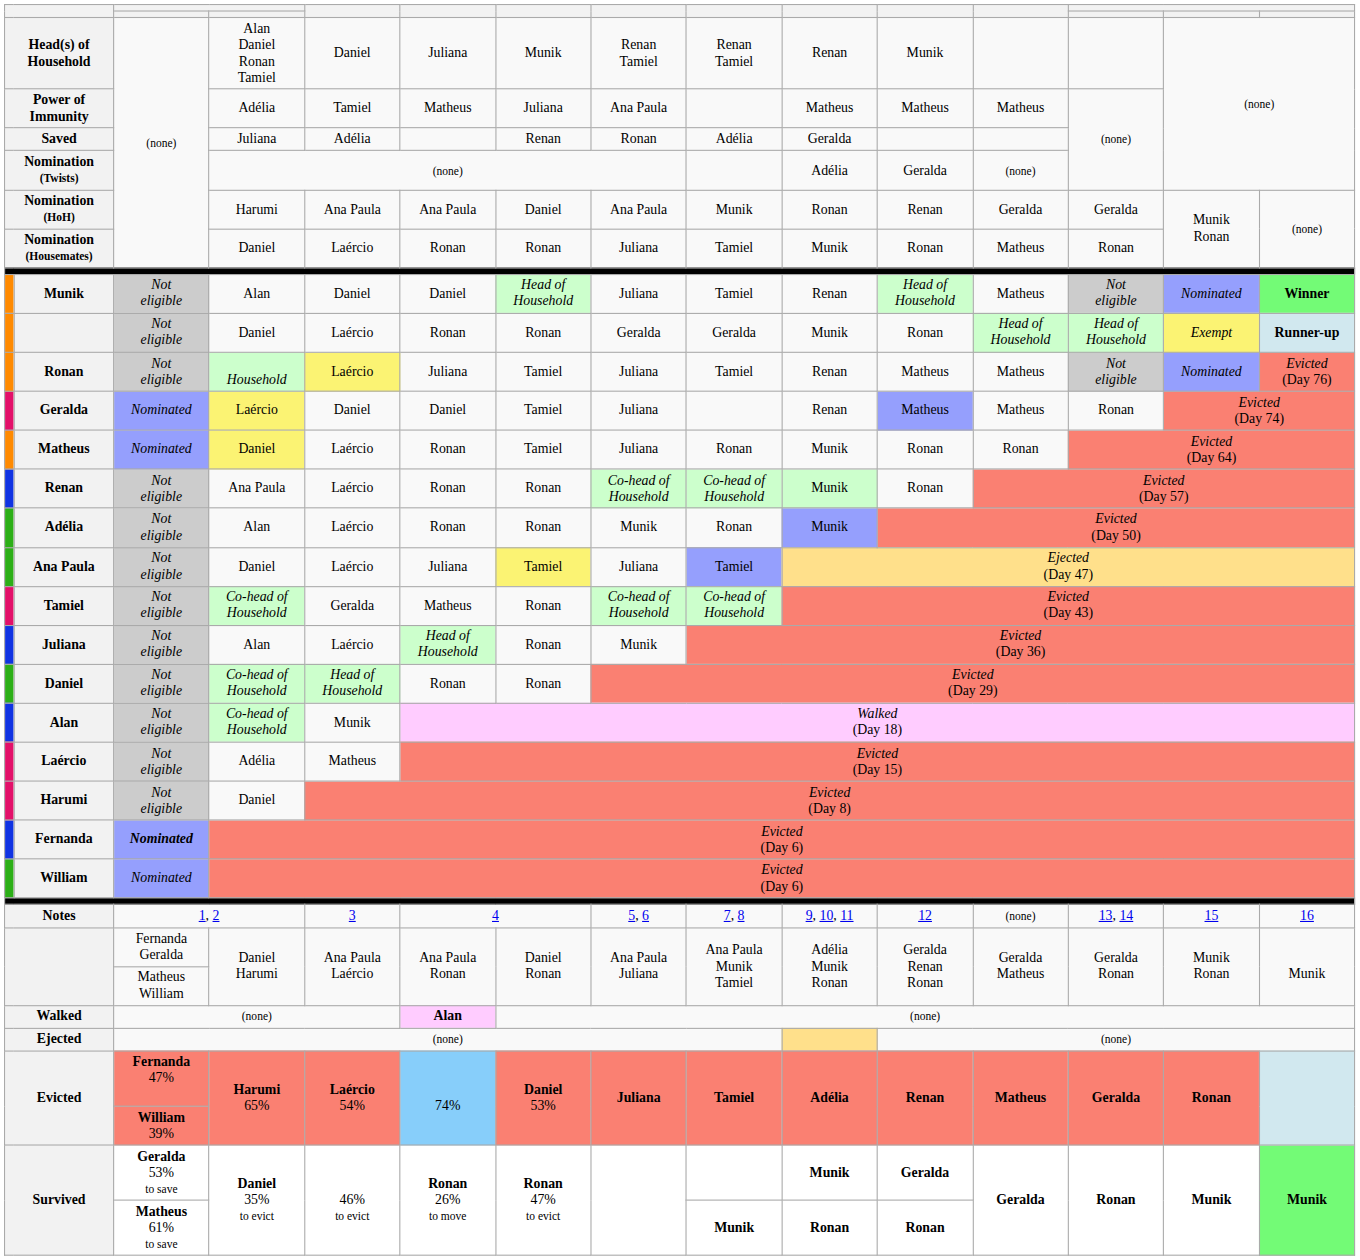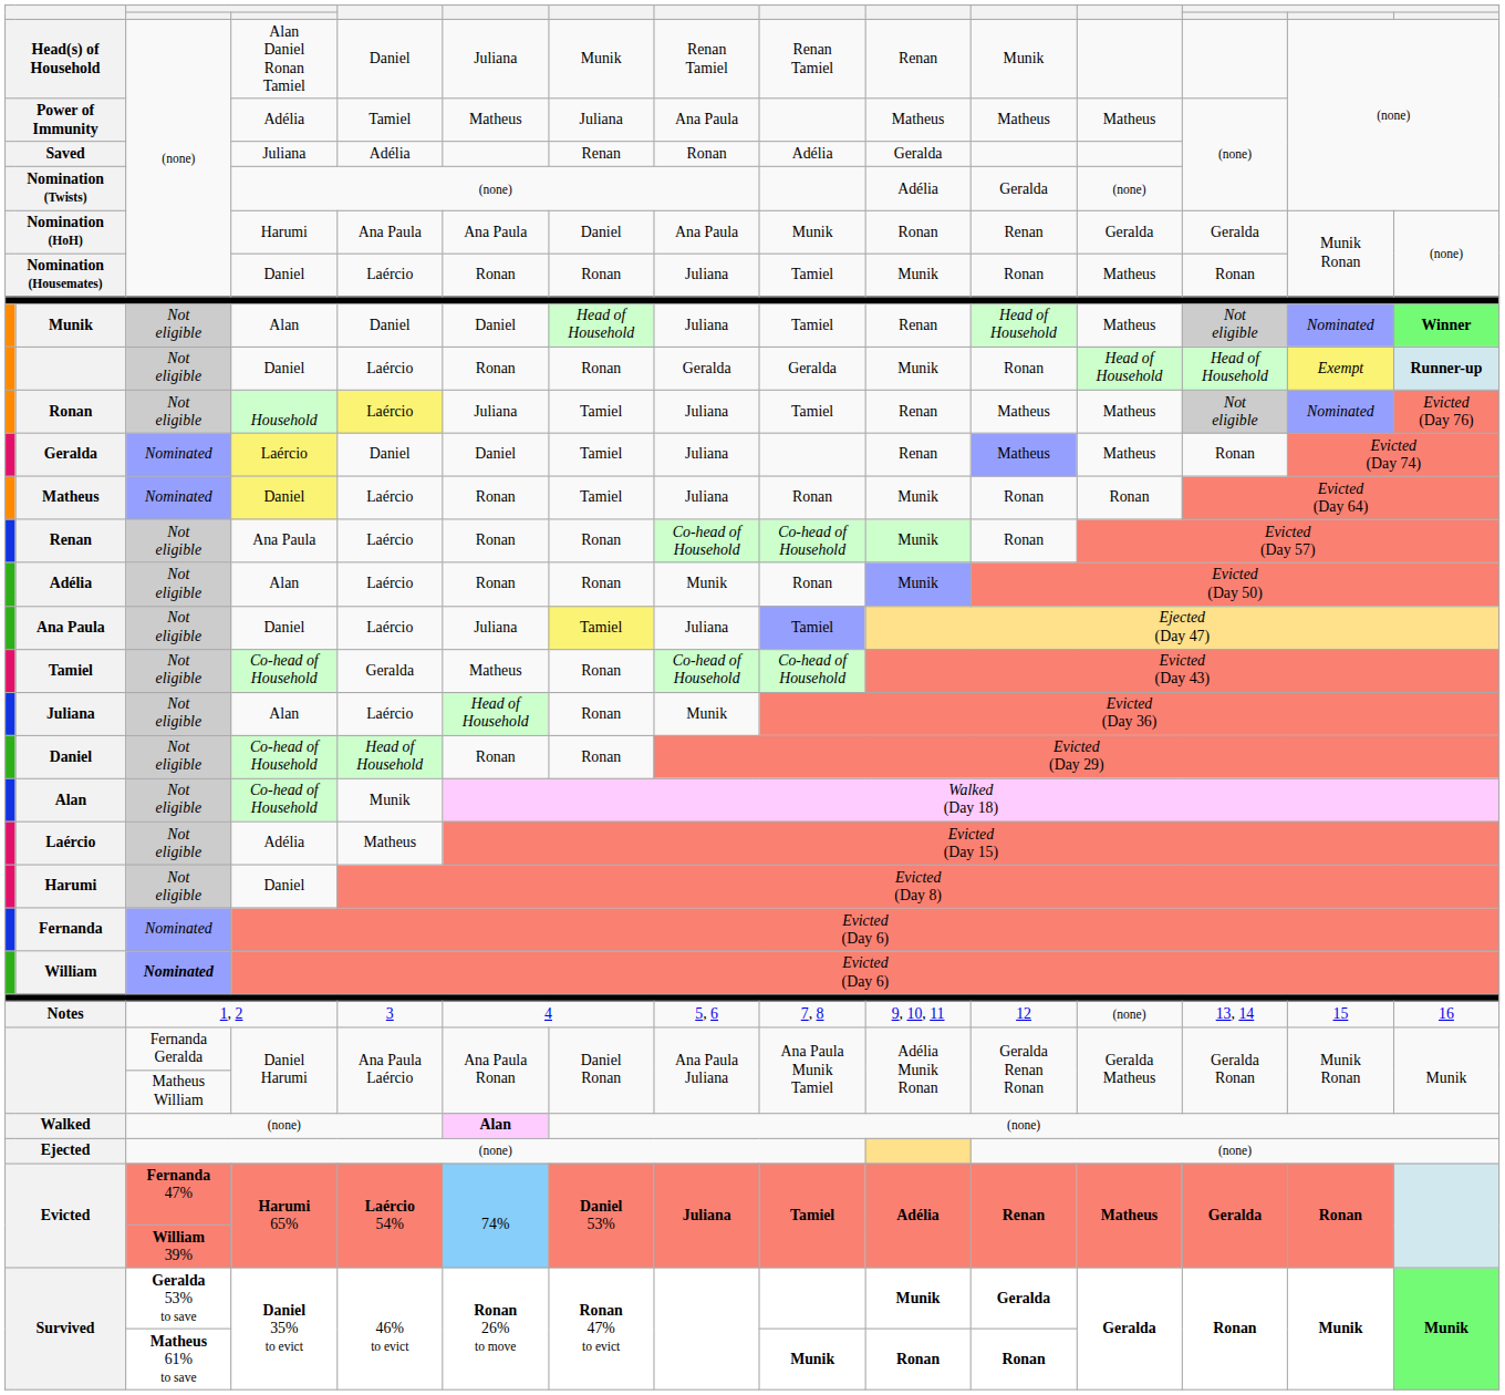 <table class="wikitable" style="text-align:center; font-size:80%">
 <tr>
 <th rowspan="2" colspan="2" width="08%"></th>
 <th colspan=2 width="14%"></th>
 <th rowspan=2 width="07%"></th>
 <th rowspan=2 width="07%"></th>
 <th rowspan=2 width="07%"></th>
 <th rowspan=2 width="07%"></th>
 <th rowspan=2 width="07%"></th>
 <th rowspan=2 width="07%"></th>
 <th rowspan=2 width="07%"></th>
 <th rowspan=2 width="07%"></th>
 <th colspan=3 width="21%"></th>
 </tr>
 <tr>
 <th width="07%"></th>
 <th width="07%"></th>
 <th width="07%"></th>
 <th width="07%"></th>
 <th width="07%"></th>
 </tr>
 <tr>
 <th colspan=2>Head(s) of Household</th>
 <td rowspan=6><small>(none)</small></td>
 <td>Alan<br>Daniel<br>Ronan<br> Tamiel</td>
 <td>Daniel</td>
 <td>Juliana</td>
 <td>Munik</td>
 <td>Renan<br>Tamiel</td>
 <td>Renan<br>Tamiel</td>
 <td>Renan</td>
 <td>Munik</td>
 <td></td>
 <td></td>
 <td rowspan=4 colspan=2><small>(none)</small></td>
 </tr>
 <tr>
 <th colspan=2>Power of Immunity</th>
 <td>Adélia</td>
 <td>Tamiel</td>
 <td>Matheus</td>
 <td>Juliana</td>
 <td>Ana Paula</td>
 <td></td>
 <td>Matheus</td>
 <td>Matheus</td>
 <td>Matheus</td>
 <td rowspan=3><small>(none)</small></td>
 </tr>
 <tr>
 <th colspan=2>Saved</th>
 <td>Juliana</td>
 <td>Adélia</td>
 <td></td>
 <td>Renan</td>
 <td>Ronan</td>
 <td>Adélia</td>
 <td>Geralda</td>
 <td></td>
 <td></td>
 </tr>
 <tr>
 <th colspan=2>Nomination<br><small>(Twists)</small></th>
 <td colspan=5><small>(none)</small></td>
 <td></td>
 <td>Adélia</td>
 <td>Geralda</td>
 <td><small>(none)</small></td>
 </tr>
 <tr>
 <th colspan=2>Nomination<br><small>(HoH)</small></th>
 <td>Harumi</td>
 <td>Ana Paula</td>
 <td>Ana Paula</td>
 <td>Daniel</td>
 <td>Ana Paula</td>
 <td>Munik</td>
 <td>Ronan</td>
 <td>Renan</td>
 <td>Geralda</td>
 <td>Geralda</td>
 <td rowspan=2>Munik<br>Ronan</td>
 <td rowspan=2><small>(none)</small></td>
 </tr>
 <tr>
 <th colspan=2>Nomination<br><small>(Housemates)</small></th>
 <td>Daniel</td>
 <td>Laércio</td>
 <td>Ronan</td>
 <td>Ronan</td>
 <td>Juliana</td>
 <td>Tamiel</td>
 <td>Munik</td>
 <td>Ronan</td>
 <td>Matheus</td>
 <td>Ronan</td>
 </tr>
 <tr>
 <td colspan="21" bgcolor="000000"></td>
 </tr>
 <tr>
 <td bgcolor="#ff8a00"></td>
 <th>Munik</th>
 <td bgcolor="CCCCCC"><em>Not<br>eligible</em></td>
 <td>Alan</td>
 <td>Daniel</td>
 <td>Daniel</td>
 <td style="background: #CCFFCC;"><em>Head of<br>Household</em></td>
 <td>Juliana</td>
 <td>Tamiel</td>
 <td>Renan</td>
 <td style="background: #CCFFCC;"><em>Head of<br>Household</em></td>
 <td>Matheus</td>
 <td bgcolor="CCCCCC"><em>Not<br>eligible</em></td>
 <td bgcolor="959FFD"><em>Nominated</em></td>
 <td bgcolor="73FB76"><strong>Winner</strong><br></td>
 </tr>
 <tr>
 <td bgcolor="#ff8a00"></td>
 <th></th>
 <td bgcolor="CCCCCC"><em>Not<br>eligible</em></td>
 <td>Daniel</td>
 <td>Laércio</td>
 <td>Ronan</td>
 <td>Ronan</td>
 <td>Geralda</td>
 <td>Geralda</td>
 <td>Munik</td>
 <td>Ronan</td>
 <td style="background: #CCFFCC;"><em>Head of<br>Household</em></td>
 <td style="background: #CCFFCC;"><em>Head of<br>Household</em></td>
 <td bgcolor="FBF373"><em>Exempt</em></td>
 <td bgcolor="D1E8EF"><strong>Runner-up</strong><br></td>
 </tr>
 <tr>
 <td bgcolor="#ff8a00"></td>
 <th>Ronan</th>
 <td bgcolor="CCCCCC"><em>Not<br>eligible</em></td>
 <td style="background: #CCFFCC;"><em><br>Household</em></td>
 <td bgcolor="FBF373">Laércio</td>
 <td>Juliana</td>
 <td>Tamiel</td>
 <td>Juliana</td>
 <td>Tamiel</td>
 <td>Renan</td>
 <td>Matheus</td>
 <td>Matheus</td>
 <td bgcolor="CCCCCC"><em>Not<br>eligible</em></td>
 <td bgcolor="959FFD"><em>Nominated</em></td>
 <td style="background: #FA8072;" colspan=1><em>Evicted</em><br>(Day 76)</td>
 </tr>
 <tr>
 <td bgcolor="#e31069"></td>
 <th>Geralda</th>
 <td bgcolor="959FFD"><em>Nominated</em></td>
 <td bgcolor="FBF373">Laércio</td>
 <td>Daniel</td>
 <td>Daniel</td>
 <td>Tamiel</td>
 <td>Juliana</td>
 <td></td>
 <td>Renan</td>
 <td bgcolor="959FFD">Matheus</td>
 <td>Matheus</td>
 <td>Ronan</td>
 <td style="background: #FA8072;" colspan=2><em>Evicted</em><br>(Day 74)</td>
 </tr>
 <tr>
 <td bgcolor="#ff8a00"></td>
 <th>Matheus</th>
 <td bgcolor="959FFD"><em>Nominated</em></td>
 <td bgcolor="FBF373">Daniel</td>
 <td>Laércio</td>
 <td>Ronan</td>
 <td>Tamiel</td>
 <td>Juliana</td>
 <td>Ronan</td>
 <td>Munik</td>
 <td>Ronan</td>
 <td>Ronan</td>
 <td style="background: #FA8072;" colspan=3><em>Evicted</em><br>(Day 64)</td>
 </tr>
 <tr>
 <td bgcolor="#1033e3"></td>
 <th>Renan</th>
 <td bgcolor="CCCCCC"><em>Not<br>eligible</em></td>
 <td>Ana Paula</td>
 <td>Laércio</td>
 <td>Ronan</td>
 <td>Ronan</td>
 <td style="background: #CCFFCC;"><em>Co-head of<br>Household</em></td>
 <td style="background: #CCFFCC;"><em>Co-head of<br>Household</em></td>
 <td style="background: #CCFFCC;">Munik</td>
 <td>Ronan</td>
 <td style="background: #FA8072;" colspan=4><em>Evicted</em><br>(Day 57)</td>
 </tr>
 <tr>
 <td bgcolor="#2caf17"></td>
 <th>Adélia</th>
 <td bgcolor="CCCCCC"><em>Not<br>eligible</em></td>
 <td>Alan</td>
 <td>Laércio</td>
 <td>Ronan</td>
 <td>Ronan</td>
 <td>Munik</td>
 <td>Ronan</td>
 <td bgcolor="959FFD">Munik</td>
 <td style="background: #FA8072;" colspan=5><em>Evicted</em><br>(Day 50)</td>
 </tr>
 <tr>
 <td bgcolor="#2caf17"></td>
 <th>Ana Paula</th>
 <td bgcolor="CCCCCC"><em>Not<br>eligible</em></td>
 <td>Daniel</td>
 <td>Laércio</td>
 <td>Juliana</td>
 <td bgcolor="FBF373">Tamiel</td>
 <td>Juliana</td>
 <td bgcolor="959FFD">Tamiel</td>
 <td style="background: #FFE08B;" colspan=6><em>Ejected</em><br>(Day 47)</td>
 </tr>
 <tr>
 <td bgcolor="#e31069"></td>
 <th>Tamiel</th>
 <td bgcolor="CCCCCC"><em>Not<br>eligible</em></td>
 <td style="background: #CCFFCC;"><em>Co-head of<br>Household</em></td>
 <td>Geralda</td>
 <td>Matheus</td>
 <td>Ronan</td>
 <td style="background: #CCFFCC;"><em>Co-head of<br>Household</em></td>
 <td style="background: #CCFFCC;"><em>Co-head of<br>Household</em></td>
 <td style="background: #FA8072;" colspan=6><em>Evicted</em><br>(Day 43)</td>
 </tr>
 <tr>
 <td bgcolor="#1033e3"></td>
 <th>Juliana</th>
 <td bgcolor="CCCCCC"><em>Not<br>eligible</em></td>
 <td>Alan</td>
 <td>Laércio</td>
 <td style="background: #CCFFCC;"><em>Head of<br>Household</em></td>
 <td>Ronan</td>
 <td>Munik</td>
 <td style="background: #FA8072;" colspan=7><em>Evicted</em><br>(Day 36)</td>
 </tr>
 <tr>
 <td bgcolor="#2caf17"></td>
 <th>Daniel</th>
 <td bgcolor="CCCCCC"><em>Not<br>eligible</em></td>
 <td style="background: #CCFFCC;"><em>Co-head of<br>Household</em></td>
 <td style="background: #CCFFCC;"><em>Head of<br>Household</em></td>
 <td>Ronan</td>
 <td>Ronan</td>
 <td style="background: #FA8072;" colspan=8><em>Evicted</em><br>(Day 29)</td>
 </tr>
 <tr>
 <td bgcolor="#1033e3"></td>
 <th>Alan</th>
 <td bgcolor="CCCCCC"><em>Not<br>eligible</em></td>
 <td style="background: #CCFFCC;"><em>Co-head of<br>Household</em></td>
 <td>Munik</td>
 <td style="background:#fcf" colspan="10"><em>Walked</em><br>(Day 18)</td>
 </tr>
 <tr>
 <td bgcolor="#e31069"></td>
 <th>Laércio</th>
 <td bgcolor="CCCCCC"><em>Not<br>eligible</em></td>
 <td>Adélia</td>
 <td>Matheus</td>
 <td style="background: #FA8072;" colspan=10><em>Evicted</em><br>(Day 15)</td>
 </tr>
 <tr>
 <td bgcolor="#e31069"></td>
 <th>Harumi</th>
 <td bgcolor="CCCCCC"><em>Not<br>eligible</em></td>
 <td>Daniel</td>
 <td style="background: #FA8072;" colspan=11><em>Evicted</em><br>(Day 8)</td>
 </tr>
 <tr>
 <td bgcolor="#1033e3"></td>
 <th>Fernanda</th>
-<td bgcolor="959FFD"><strong><em>Nominated</em></strong></td>
+<td bgcolor="959FFD"><em>Nominated</em></td>
 <td style="background: #FA8072;" colspan=12><em>Evicted</em><br>(Day 6)</td>
 </tr>
 <tr>
 <td bgcolor="#2caf17"></td>
 <th>William</th>
-<td bgcolor="959FFD"><em>Nominated</em></td>
+<td bgcolor="959FFD"><strong><em>Nominated</em></strong></td>
 <td style="background: #FA8072;" colspan=12><em>Evicted</em><br>(Day 6)</td>
 </tr>
 <tr>
 <td colspan="21" bgcolor="000000"></td>
 </tr>
 <tr>
 <th colspan=2>Notes</th>
 <td colspan=2><a href='#'>1</a>, <a href='#'>2</a></td>
 <td><a href='#'>3</a></td>
 <td colspan=2><a href='#'>4</a></td>
 <td><a href='#'>5</a>, <a href='#'>6</a></td>
 <td><a href='#'>7</a>, <a href='#'>8</a></td>
 <td><a href='#'>9</a>, <a href='#'>10</a>, <a href='#'>11</a></td>
 <td><a href='#'>12</a></td>
 <td><small>(none)</small></td>
 <td><a href='#'>13</a>, <a href='#'>14</a></td>
 <td><a href='#'>15</a></td>
 <td><a href='#'>16</a></td>
 </tr>
 <tr>
 <th colspan=2 rowspan=2></th>
 <td>Fernanda<br>Geralda</td>
 <td rowspan="2">Daniel<br>Harumi</td>
 <td rowspan="2">Ana Paula<br>Laércio</td>
 <td rowspan="2">Ana Paula<br>Ronan</td>
 <td rowspan="2">Daniel<br>Ronan</td>
 <td rowspan="2">Ana Paula<br>Juliana</td>
 <td rowspan="2">Ana Paula<br>Munik<br>Tamiel</td>
 <td rowspan="2">Adélia<br>Munik<br>Ronan</td>
 <td rowspan="2">Geralda<br>Renan<br>Ronan</td>
 <td rowspan="2">Geralda<br>Matheus</td>
 <td rowspan="2">Geralda<br>Ronan</td>
 <td rowspan="2">Munik<br>Ronan</td>
 <td rowspan="2"><br>Munik</td>
 </tr>
 <tr>
 <td>Matheus<br>William</td>
 </tr>
 <tr>
 <th colspan="2">Walked</th>
 <td colspan=3><small>(none)</small></td>
 <td bgcolor="#FFCCFF"><strong>Alan</strong></td>
 <td colspan=9><small>(none)</small></td>
 </tr>
 <tr>
 <th colspan="2">Ejected</th>
 <td colspan=7><small>(none)</small></td>
 <td bgcolor="#FFE08B"></td>
 <td colspan=5><small>(none)</small></td>
 </tr>
 <tr>
 <th colspan=2 rowspan=2>Evicted </th>
 <td rowspan=1 bgcolor="FA8072"><strong>Fernanda</strong><br>47%<br><small></small><br></td>
 <td rowspan=2 bgcolor="FA8072"><strong>Harumi</strong><br>65%<br><small></small></td>
 <td rowspan=2 bgcolor="FA8072"><strong>Laércio</strong> <br>54%<br><small></small></td>
 <td rowspan=2 bgcolor="87CEFA"><strong></strong><br>74%<br><small></small></td>
 <td rowspan=2 bgcolor="FA8072"><strong>Daniel</strong><br>53%<br><small></small></td>
 <td rowspan=2 bgcolor="FA8072"><strong>Juliana</strong> <br></td>
 <td rowspan=2 bgcolor="FA8072"><strong>Tamiel</strong> <br></td>
 <td rowspan=2 bgcolor="FA8072"><strong>Adélia</strong> <br></td>
 <td rowspan=2 bgcolor="FA8072"><strong>Renan</strong> <br></td>
 <td rowspan=2 bgcolor="FA8072"><strong>Matheus</strong> <br></td>
 <td rowspan=2 bgcolor="FA8072"><strong>Geralda</strong> <br></td>
 <td rowspan=2 bgcolor="FA8072"><strong>Ronan</strong> <br></td>
 <td rowspan=2 bgcolor="D1E8EF"><strong></strong> <br></td>
 </tr>
 <tr>
 <td rowspan=1 bgcolor="FA8072"><strong>William</strong><br>39%<br><small></small></td>
 </tr>
 <tr>
 <th colspan=2 rowspan=2>Survived</th>
 <td rowspan=1 bgcolor="FFFFFF"><strong>Geralda</strong> <br>53%<br><small>to save</small></td>
 <td rowspan=2 bgcolor="FFFFFF"><strong>Daniel</strong> <br>35%<br><small>to evict</small></td>
 <td rowspan=2 bgcolor="FFFFFF"><strong></strong><br>46%<br><small>to evict</small></td>
 <td rowspan=2 bgcolor="FFFFFF"><strong>Ronan</strong><br>26%<br><small>to move</small></td>
 <td rowspan=2 bgcolor="FFFFFF"><strong>Ronan</strong> <br>47%<br><small>to evict</small></td>
 <td rowspan=2 bgcolor="FFFFFF"><strong></strong> <br></td>
 <td rowspan=1 bgcolor="FFFFFF"><strong></strong> <br></td>
 <td rowspan=1 bgcolor="FFFFFF"><strong>Munik</strong> <br></td>
 <td rowspan=1 bgcolor="FFFFFF"><strong>Geralda</strong> <br></td>
 <td rowspan=2 bgcolor="FFFFFF"><strong>Geralda</strong> <br></td>
 <td rowspan=2 bgcolor="FFFFFF"><strong>Ronan</strong> <br></td>
 <td rowspan=2 bgcolor="FFFFFF"><strong>Munik</strong> <br></td>
 <td rowspan=2 bgcolor="73FB76"><strong>Munik</strong> <br></td>
 </tr>
 <tr>
 <td bgcolor="FFFFFF"><strong>Matheus</strong><br>61%<br><small>to save</small></td>
 <td rowspan=1 bgcolor="FFFFFF"><strong>Munik</strong> <br></td>
 <td rowspan=1 bgcolor="FFFFFF"><strong>Ronan</strong> <br></td>
 <td rowspan=1 bgcolor="FFFFFF"><strong>Ronan</strong> <br></td>
 </tr>
 </table>
